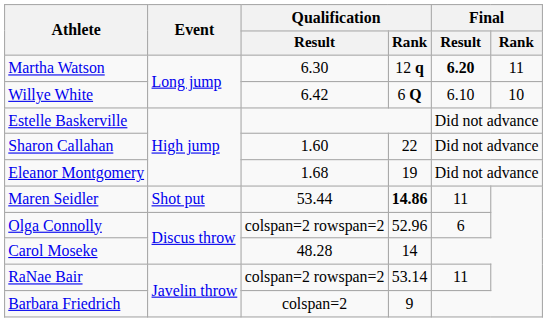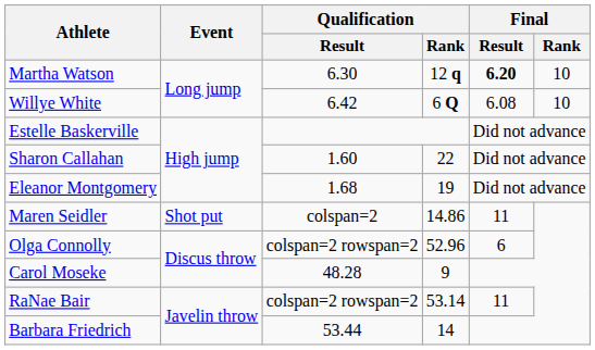 <table class=wikitable style=font-size:90%;text-align:center>
 <tr>
 <th rowspan=2>Athlete</th>
 <th rowspan=2>Event</th>
 <th colspan=2>Qualification</th>
 <th colspan=2>Final</th>
 </tr>
 <tr style=font-size:95%>
 <th>Result</th>
 <th>Rank</th>
 <th>Result</th>
 <th>Rank</th>
 </tr>
 <tr>
 <td align=left><a href='#'>Martha Watson</a></td>
 <td align=left rowspan=2><a href='#'>Long jump</a></td>
 <td>6.30</td>
 <td>12 <strong>q</strong></td>
 <td><strong>6.20</strong></td>
-<td>11</td>
+<td>10</td>
 </tr>
 <tr>
 <td align=left><a href='#'>Willye White</a></td>
 <td>6.42</td>
 <td>6 <strong>Q</strong></td>
-<td>6.10</td>
+<td>6.08</td>
 <td>10</td>
 </tr>
 <tr>
 <td align=left><a href='#'>Estelle Baskerville</a></td>
 <td align=left rowspan=3><a href='#'>High jump</a></td>
 <td colspan=2></td>
 <td colspan=2>Did not advance</td>
 </tr>
 <tr>
 <td align=left><a href='#'>Sharon Callahan</a></td>
 <td>1.60</td>
 <td>22</td>
 <td colspan=2>Did not advance</td>
 </tr>
 <tr>
 <td align=left><a href='#'>Eleanor Montgomery</a></td>
 <td>1.68</td>
 <td>19</td>
 <td colspan=2>Did not advance</td>
 </tr>
 <tr>
 <td align=left><a href='#'>Maren Seidler</a></td>
 <td align=left><a href='#'>Shot put</a></td>
-<td>53.44</td>
-<td><strong>14.86</strong></td>
+<td>colspan=2 </td>
+<td>14.86</td>
 <td>11</td>
 </tr>
 <tr>
 <td align=left><a href='#'>Olga Connolly</a></td>
 <td align=left rowspan=2><a href='#'>Discus throw</a></td>
 <td>colspan=2 rowspan=2 </td>
 <td>52.96</td>
 <td>6</td>
 </tr>
 <tr>
 <td align=left><a href='#'>Carol Moseke</a></td>
 <td>48.28</td>
-<td>14</td>
+<td>9</td>
 </tr>
 <tr>
 <td align=left><a href='#'>RaNae Bair</a></td>
 <td align=left rowspan=2><a href='#'>Javelin throw</a></td>
 <td>colspan=2 rowspan=2 </td>
 <td>53.14</td>
 <td>11</td>
 </tr>
 <tr>
 <td align=left><a href='#'>Barbara Friedrich</a></td>
-<td>colspan=2 </td>
-<td>9</td>
+<td>53.44</td>
+<td>14</td>
 </tr>
 </table>
